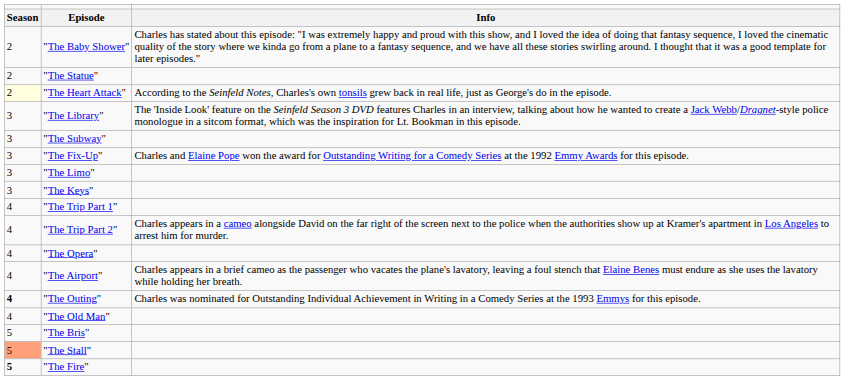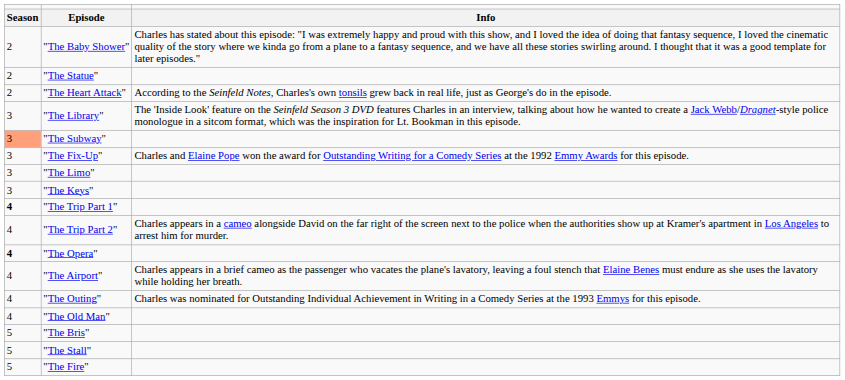 <table class="wikitable">
 <tr>
 <td></td>
 <td></td>
 <td></td>
 </tr>
 <tr>
 <th>Season</th>
 <th>Episode</th>
 <th>Info</th>
 </tr>
 <tr>
 <td>2</td>
 <td style=white-space:nowrap>"<a href='#'>The Baby Shower</a>"</td>
 <td>Charles has stated about this episode: "I was extremely happy and proud with this show, and I loved the idea of doing that fantasy sequence, I loved the cinematic quality of the story where we kinda go from a plane to a fantasy sequence, and we have all these stories swirling around. I thought that it was a good template for later episodes."</td>
 </tr>
 <tr>
 <td>2</td>
 <td>"<a href='#'>The Statue</a>"</td>
 <td></td>
 </tr>
 <tr>
-<td style="background: lightyellow;">2</td>
+<td>2</td>
 <td>"<a href='#'>The Heart Attack</a>"</td>
 <td>According to the <em>Seinfeld Notes</em>, Charles's own <a href='#'>tonsils</a> grew back in real life, just as George's do in the episode.</td>
 </tr>
 <tr>
 <td>3</td>
 <td>"<a href='#'>The Library</a>"</td>
 <td>The 'Inside Look' feature on the <em>Seinfeld Season 3 DVD</em> features Charles in an interview, talking about how he wanted to create a <a href='#'>Jack Webb</a>/<em><a href='#'>Dragnet</a></em>-style police monologue in a sitcom format, which was the inspiration for Lt. Bookman in this episode.</td>
 </tr>
 <tr>
-<td>3</td>
+<td style="background: lightsalmon;">3</td>
 <td>"<a href='#'>The Subway</a>"</td>
 <td></td>
 </tr>
 <tr>
 <td>3</td>
 <td>"<a href='#'>The Fix-Up</a>"</td>
 <td>Charles and <a href='#'>Elaine Pope</a> won the award for <a href='#'>Outstanding Writing for a Comedy Series</a> at the 1992 <a href='#'>Emmy Awards</a> for this episode.</td>
 </tr>
 <tr>
 <td>3</td>
 <td>"<a href='#'>The Limo</a>"</td>
 <td></td>
 </tr>
 <tr>
 <td>3</td>
 <td>"<a href='#'>The Keys</a>"</td>
 <td></td>
 </tr>
 <tr>
-<td>4</td>
+<td><strong>4</strong></td>
 <td>"<a href='#'>The Trip Part 1</a>"</td>
 <td></td>
 </tr>
 <tr>
 <td>4</td>
 <td>"<a href='#'>The Trip Part 2</a>"</td>
 <td>Charles appears in a <a href='#'>cameo</a> alongside David on the far right of the screen next to the police when the authorities show up at Kramer's apartment in <a href='#'>Los Angeles</a> to arrest him for murder.</td>
 </tr>
 <tr>
-<td>4</td>
+<td><strong>4</strong></td>
 <td>"<a href='#'>The Opera</a>"</td>
 <td></td>
 </tr>
 <tr>
 <td>4</td>
 <td>"<a href='#'>The Airport</a>"</td>
 <td>Charles appears in a brief cameo as the passenger who vacates the plane's lavatory, leaving a foul stench that <a href='#'>Elaine Benes</a> must endure as she uses the lavatory while holding her breath.</td>
 </tr>
 <tr>
-<td><strong>4</strong></td>
+<td>4</td>
 <td>"<a href='#'>The Outing</a>"</td>
 <td>Charles was nominated for Outstanding Individual Achievement in Writing in a Comedy Series at the 1993 <a href='#'>Emmys</a> for this episode.</td>
 </tr>
 <tr>
 <td>4</td>
 <td>"<a href='#'>The Old Man</a>"</td>
 <td></td>
 </tr>
 <tr>
 <td>5</td>
 <td>"<a href='#'>The Bris</a>"</td>
 <td></td>
 </tr>
 <tr>
-<td style="background: lightsalmon;">5</td>
+<td>5</td>
 <td>"<a href='#'>The Stall</a>"</td>
 <td></td>
 </tr>
 <tr>
-<td><strong>5</strong></td>
+<td>5</td>
 <td>"<a href='#'>The Fire</a>"</td>
 <td></td>
 </tr>
 </table>
